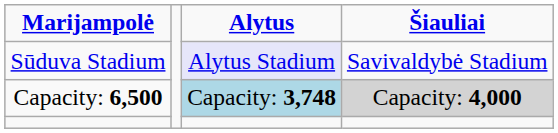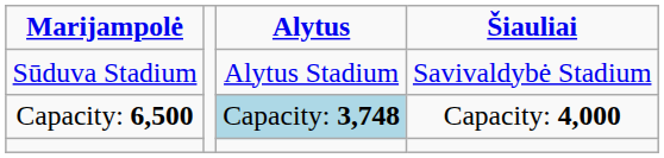 <table class="wikitable" style="margin:1em auto; text-align:center">
 <tr>
 <td><strong><a href='#'>Marijampolė</a></strong></td>
 <td rowspan=4></td>
 <td><strong><a href='#'>Alytus</a></strong></td>
 <td><strong><a href='#'>Šiauliai</a></strong></td>
 </tr>
 <tr>
 <td><a href='#'>Sūduva Stadium</a></td>
-<td style="background: lavender;"><a href='#'>Alytus Stadium</a></td>
+<td><a href='#'>Alytus Stadium</a></td>
 <td><a href='#'>Savivaldybė Stadium</a></td>
 </tr>
 <tr>
 <td>Capacity: <strong>6,500</strong></td>
 <td style="background: lightblue;">Capacity: <strong>3,748</strong></td>
-<td style="background: lightgrey;">Capacity: <strong>4,000</strong></td>
+<td>Capacity: <strong>4,000</strong></td>
 </tr>
 <tr>
 <td></td>
 <td></td>
 <td></td>
 </tr>
 </table>
